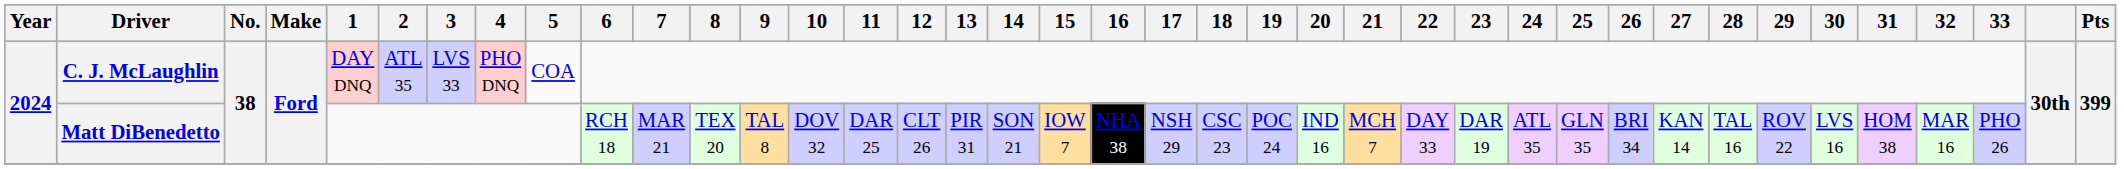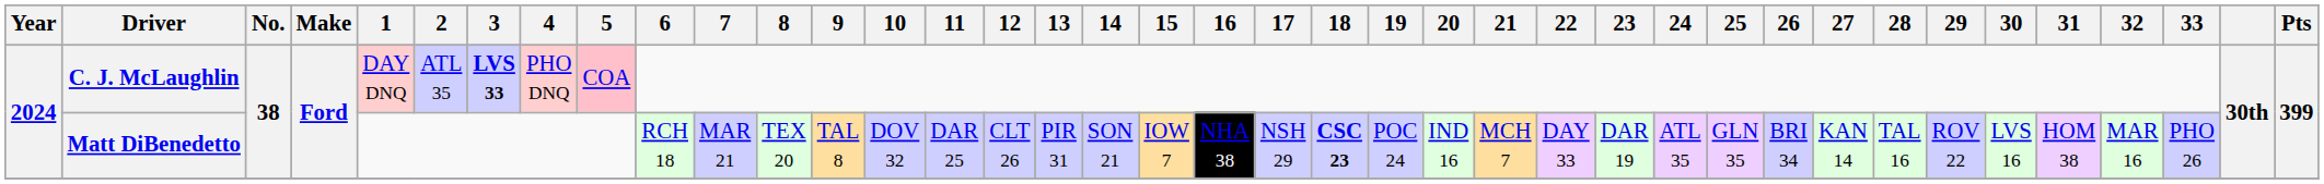 <table class="wikitable" style="text-align:center; font-size:75%">
 <tr>
 <th>Year</th>
 <th>Driver</th>
 <th>No.</th>
 <th>Make</th>
 <th>1</th>
 <th>2</th>
 <th>3</th>
 <th>4</th>
 <th>5</th>
 <th>6</th>
 <th>7</th>
 <th>8</th>
 <th>9</th>
 <th>10</th>
 <th>11</th>
 <th>12</th>
 <th>13</th>
 <th>14</th>
 <th>15</th>
 <th>16</th>
 <th>17</th>
 <th>18</th>
 <th>19</th>
 <th>20</th>
 <th>21</th>
 <th>22</th>
 <th>23</th>
 <th>24</th>
 <th>25</th>
 <th>26</th>
 <th>27</th>
 <th>28</th>
 <th>29</th>
 <th>30</th>
 <th>31</th>
 <th>32</th>
 <th>33</th>
 <th></th>
 <th>Pts</th>
 </tr>
 <tr>
 <th rowspan="2"><a href='#'>2024</a></th>
 <th><a href='#'>C. J. McLaughlin</a></th>
 <th rowspan="2">38</th>
 <th rowspan="2"><a href='#'>Ford</a></th>
 <td style="background:#FFCFCF;"><a href='#'>DAY</a><br><small>DNQ</small></td>
 <td style="background:#CFCFFF;"><a href='#'>ATL</a><br><small>35</small></td>
-<td style="background:#CFCFFF;"><a href='#'>LVS</a><br><small>33</small></td>
+<td style="background:#CFCFFF;"><strong><a href='#'>LVS</a><br><small>33</small></strong></td>
 <td style="background:#FFCFCF;"><a href='#'>PHO</a><br><small>DNQ</small></td>
-<td><a href='#'>COA</a></td>
+<td style="background: pink;"><a href='#'>COA</a></td>
 <td colspan="28"></td>
 <th rowspan="2">30th</th>
 <th rowspan="2">399</th>
 </tr>
 <tr>
 <th><a href='#'>Matt DiBenedetto</a></th>
 <td colspan="5"></td>
 <td style="background:#DFFFDF;"><a href='#'>RCH</a><br><small>18</small></td>
 <td style="background:#CFCFFF;"><a href='#'>MAR</a><br><small>21</small></td>
 <td style="background:#DFFFDF;"><a href='#'>TEX</a><br><small>20</small></td>
 <td style="background:#FFDF9F;"><a href='#'>TAL</a><br><small>8</small></td>
 <td style="background:#CFCFFF;"><a href='#'>DOV</a><br><small>32</small></td>
 <td style="background:#CFCFFF;"><a href='#'>DAR</a><br><small>25</small></td>
 <td style="background:#CFCFFF;"><a href='#'>CLT</a><br><small>26</small></td>
 <td style="background:#CFCFFF;"><a href='#'>PIR</a><br><small>31</small></td>
 <td style="background:#CFCFFF;"><a href='#'>SON</a><br><small>21</small></td>
 <td style="background:#FFDF9F;"><a href='#'>IOW</a><br><small>7</small></td>
 <td style="background-color:#000000;color:white"><a href='#'><span>NHA</span></a><br><small>38</small></td>
 <td style="background:#CFCFFF;"><a href='#'>NSH</a><br><small>29</small></td>
-<td style="background:#CFCFFF;"><a href='#'>CSC</a><br><small>23</small></td>
+<td style="background:#CFCFFF;"><strong><a href='#'>CSC</a><br><small>23</small></strong></td>
 <td style="background:#CFCFFF;"><a href='#'>POC</a><br><small>24</small></td>
 <td style="background:#DFFFDF;"><a href='#'>IND</a><br><small>16</small></td>
 <td style="background:#FFDF9F;"><a href='#'>MCH</a><br><small>7</small></td>
 <td style="background:#EFCFFF;"><a href='#'>DAY</a><br><small>33</small></td>
 <td style="background:#DFFFDF;"><a href='#'>DAR</a><br><small>19</small></td>
 <td style="background:#EFCFFF;"><a href='#'>ATL</a><br><small>35</small></td>
 <td style="background:#EFCFFF;"><a href='#'>GLN</a><br><small>35</small></td>
 <td style="background:#CFCFFF;"><a href='#'>BRI</a><br><small>34</small></td>
 <td style="background:#DFFFDF;"><a href='#'>KAN</a><br><small>14</small></td>
 <td style="background:#DFFFDF;"><a href='#'>TAL</a><br><small>16</small></td>
 <td style="background:#CFCFFF;"><a href='#'>ROV</a><br><small>22</small></td>
 <td style="background:#DFFFDF;"><a href='#'>LVS</a><br><small>16</small></td>
 <td style="background:#EFCFFF;"><a href='#'>HOM</a><br><small>38</small></td>
 <td style="background:#DFFFDF;"><a href='#'>MAR</a><br><small>16</small></td>
 <td style="background:#CFCFFF;"><a href='#'>PHO</a><br><small>26</small></td>
 </tr>
 <tr>
 </tr>
 </table>
